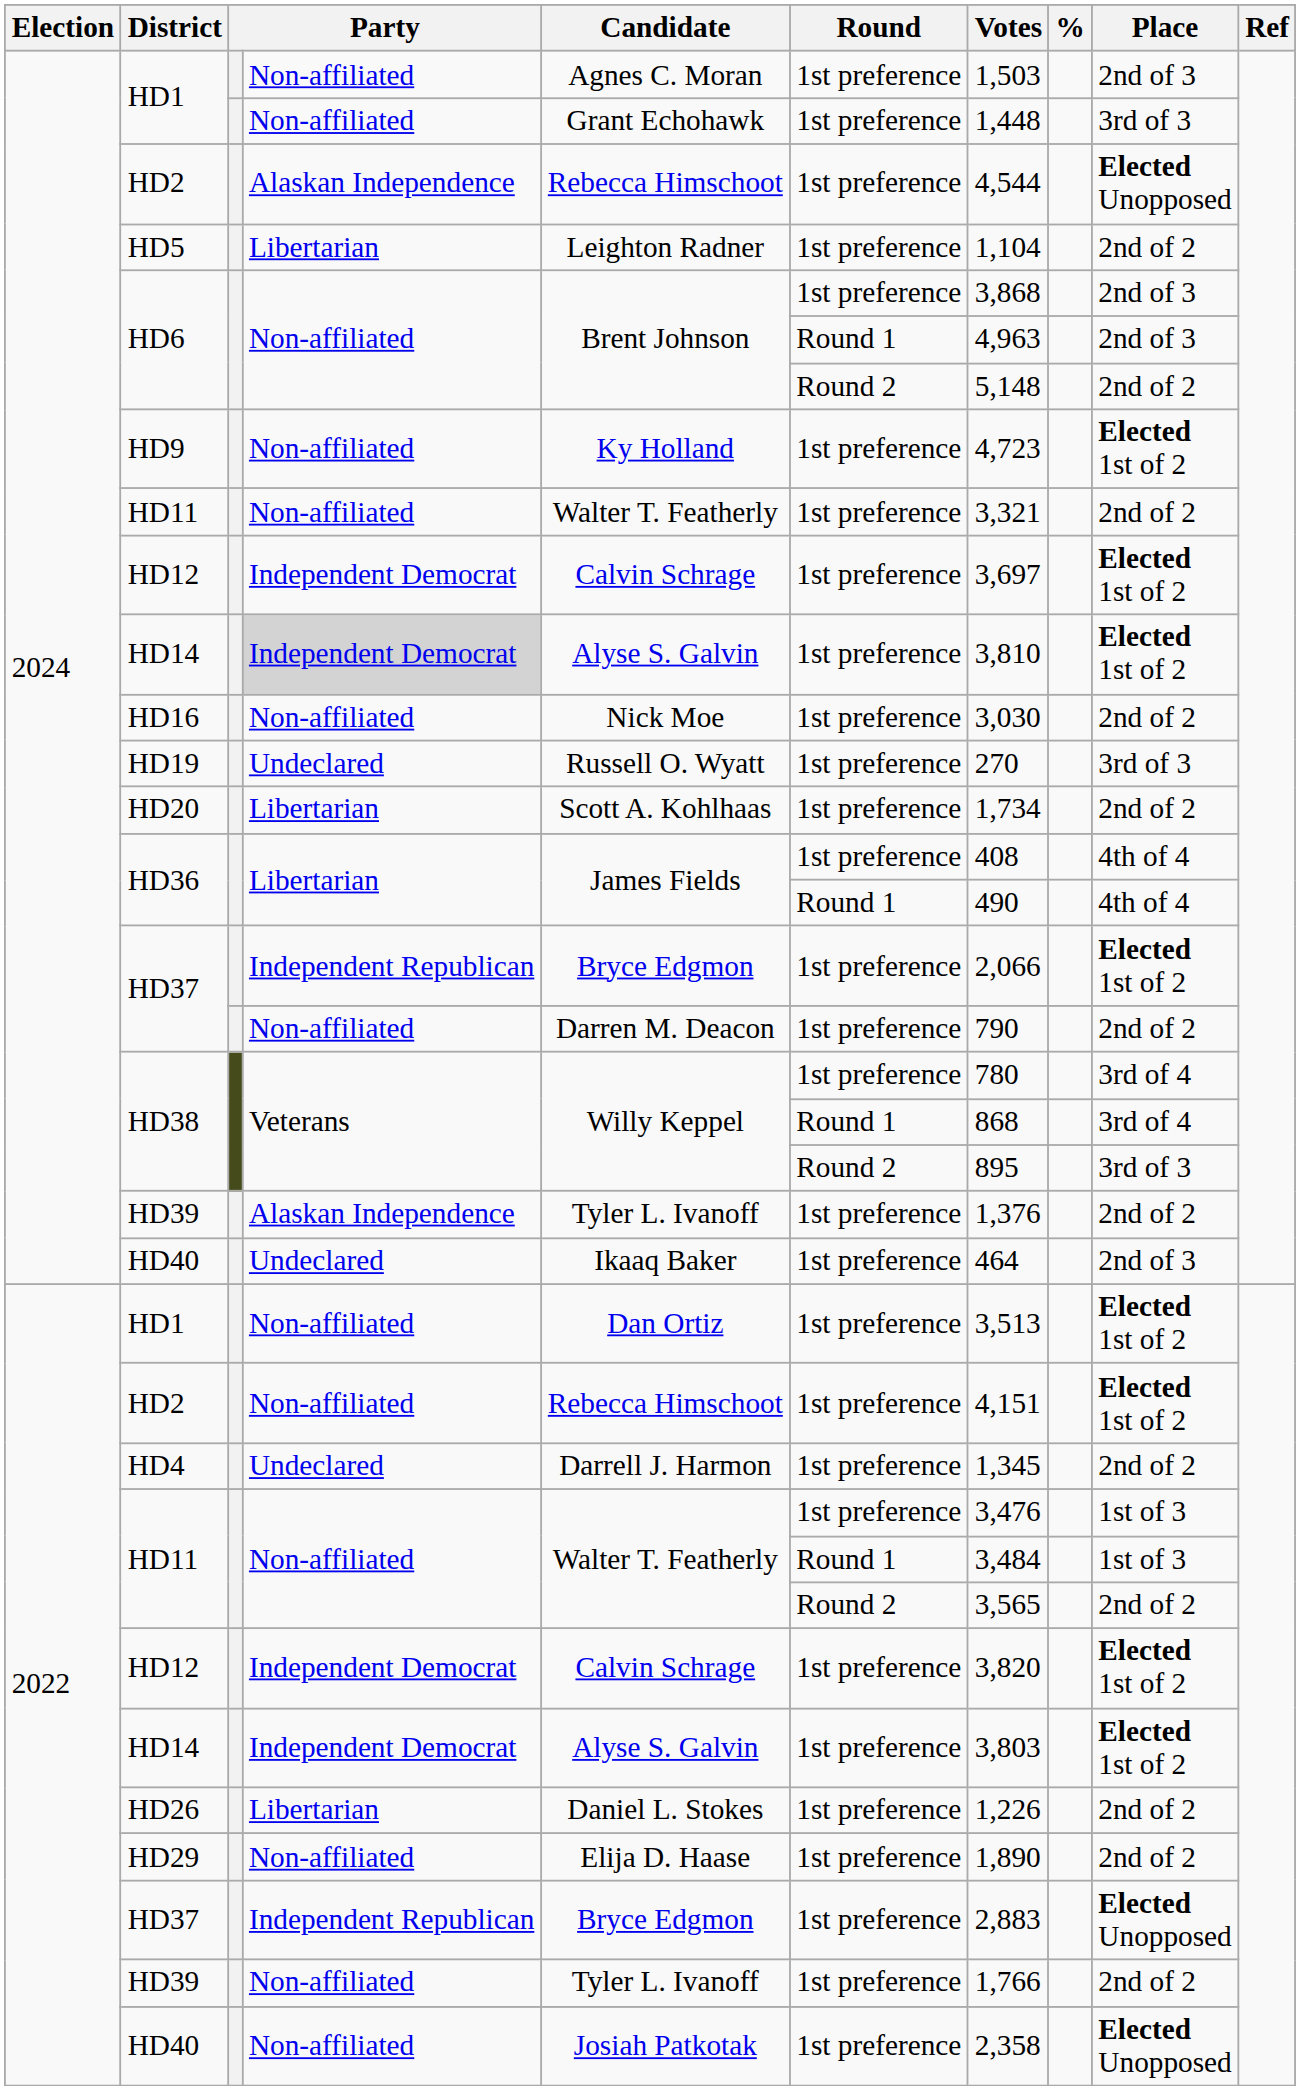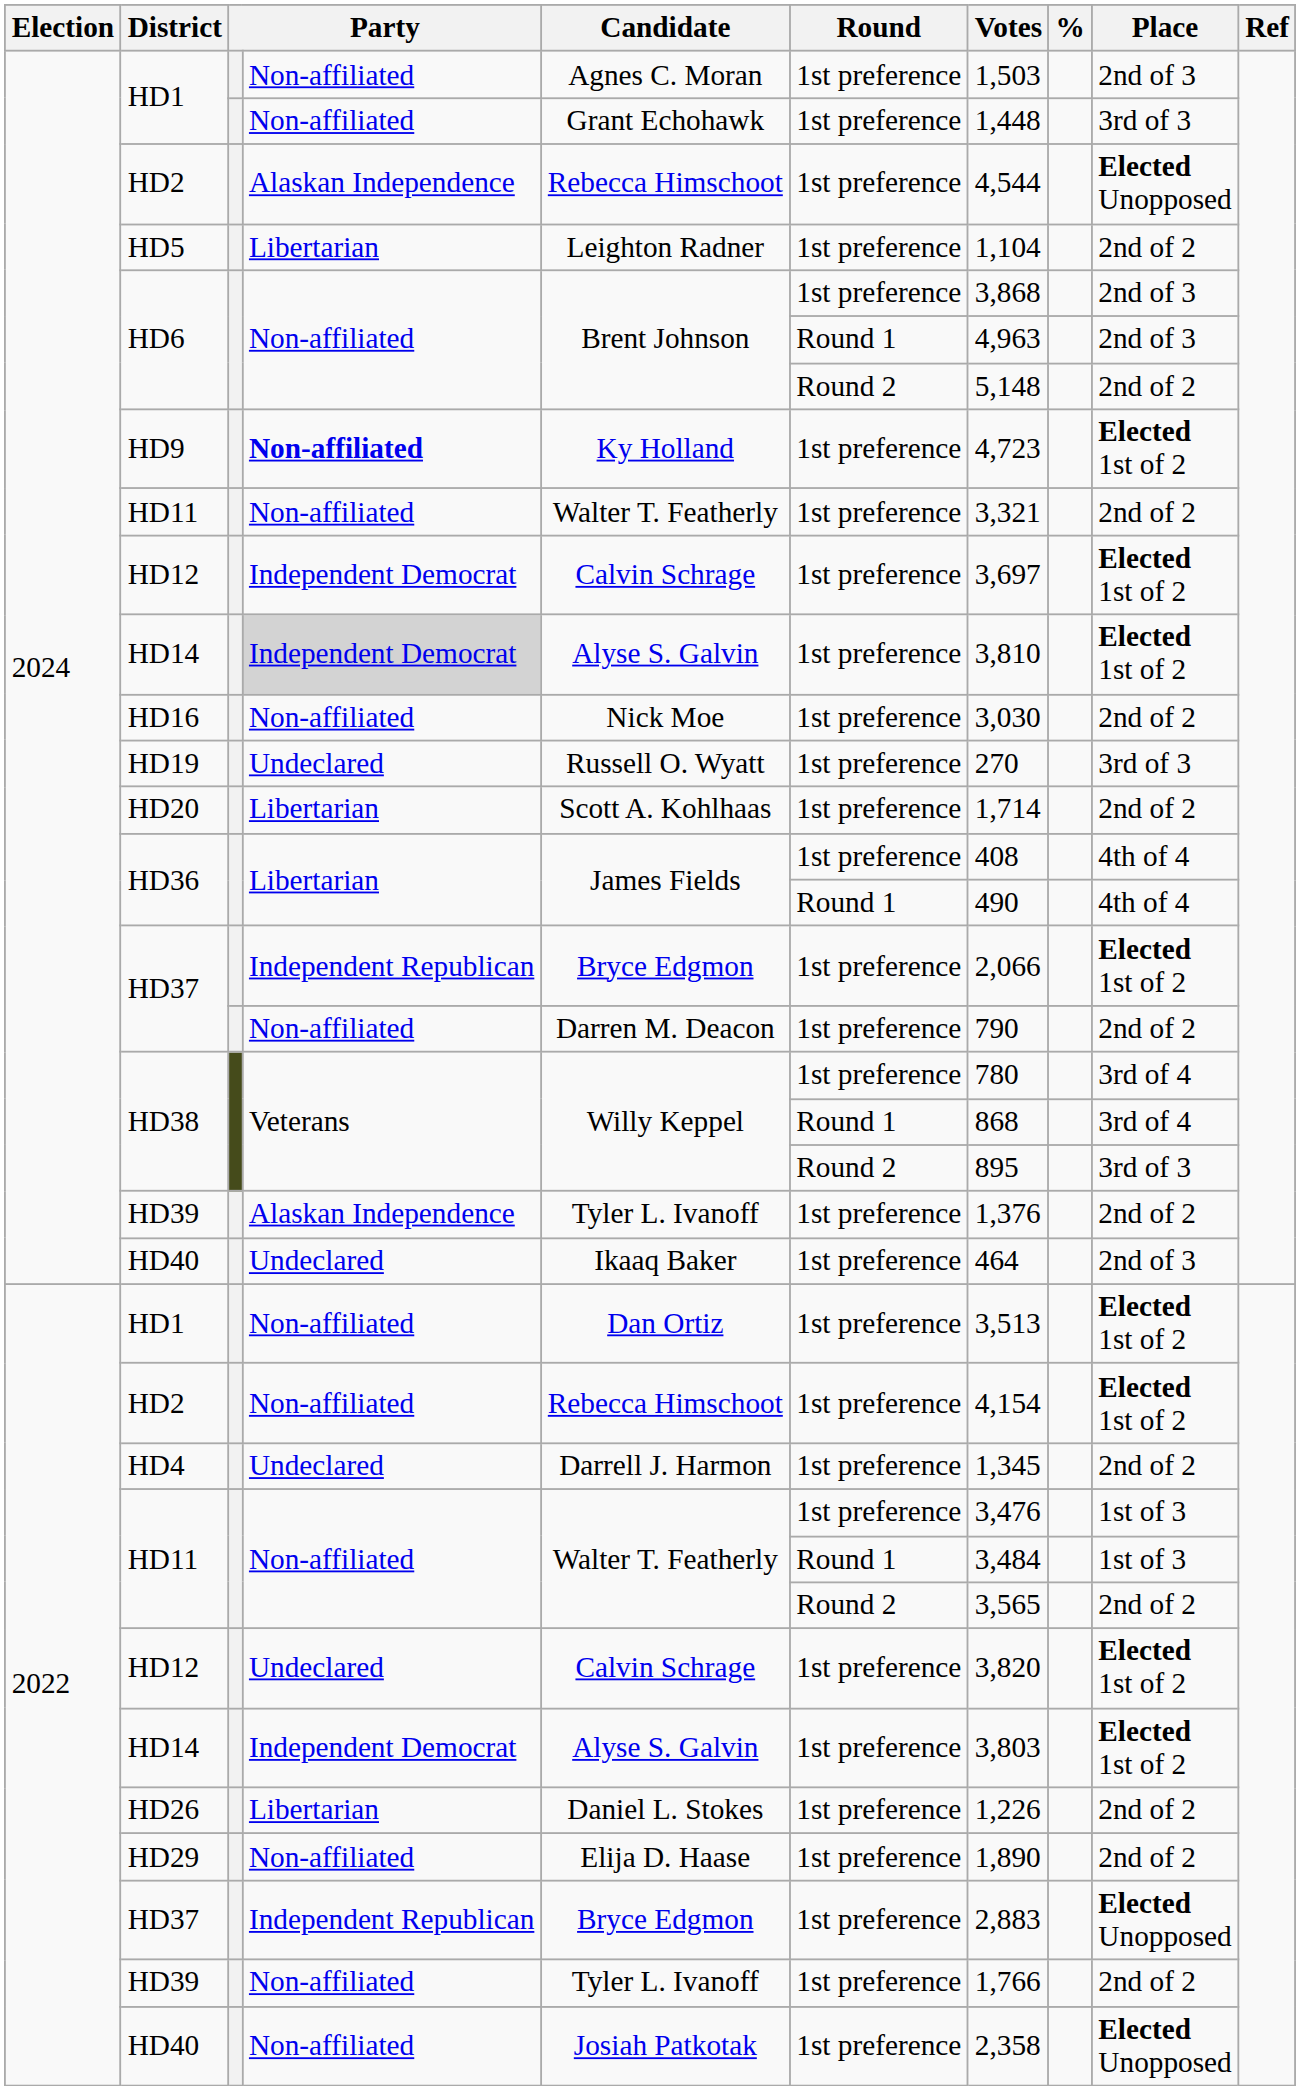 <table class="wikitable sortable">
 <tr>
 <th>Election</th>
 <th>District</th>
 <th colspan=2>Party</th>
 <th>Candidate</th>
 <th>Round</th>
 <th>Votes</th>
 <th>%</th>
 <th>Place</th>
 <th>Ref</th>
 </tr>
 <tr>
 <td rowspan=23>2024</td>
 <td rowspan=2>HD1</td>
 <th style="background-color:"></th>
 <td><a href='#'>Non-affiliated</a></td>
 <td align="center">Agnes C. Moran</td>
 <td>1st preference</td>
 <td>1,503</td>
 <td></td>
 <td>2nd of 3</td>
 <td rowspan=23></td>
 </tr>
 <tr>
 <th style="background-color:"></th>
 <td><a href='#'>Non-affiliated</a></td>
 <td align="center">Grant Echohawk</td>
 <td>1st preference</td>
 <td>1,448</td>
 <td></td>
 <td>3rd of 3</td>
 </tr>
 <tr>
 <td>HD2</td>
 <th style="background-color:"></th>
 <td><a href='#'>Alaskan Independence</a></td>
 <td align="center"><a href='#'>Rebecca Himschoot</a></td>
 <td>1st preference</td>
 <td>4,544</td>
 <td></td>
 <td><strong>Elected</strong><br>Unopposed</td>
 </tr>
 <tr>
 <td>HD5</td>
 <th style="background-color:"></th>
 <td><a href='#'>Libertarian</a></td>
 <td align="center">Leighton Radner</td>
 <td>1st preference</td>
 <td>1,104</td>
 <td></td>
 <td>2nd of 2</td>
 </tr>
 <tr>
 <td rowspan=3>HD6</td>
 <th rowspan=3 style="background-color:"></th>
 <td rowspan=3><a href='#'>Non-affiliated</a></td>
 <td rowspan=3 align="center">Brent Johnson</td>
 <td>1st preference</td>
 <td>3,868</td>
 <td></td>
 <td>2nd of 3</td>
 </tr>
 <tr>
 <td>Round 1</td>
 <td>4,963</td>
 <td></td>
 <td>2nd of 3</td>
 </tr>
 <tr>
 <td>Round 2</td>
 <td>5,148</td>
 <td></td>
 <td>2nd of 2</td>
 </tr>
 <tr>
 <td>HD9</td>
 <th style="background-color:"></th>
-<td><a href='#'>Non-affiliated</a></td>
+<td><strong><a href='#'>Non-affiliated</a></strong></td>
 <td align="center"><a href='#'>Ky Holland</a></td>
 <td>1st preference</td>
 <td>4,723</td>
 <td></td>
 <td><strong>Elected</strong><br>1st of 2</td>
 </tr>
 <tr>
 <td>HD11</td>
 <th style="background-color:"></th>
 <td><a href='#'>Non-affiliated</a></td>
 <td align="center">Walter T. Featherly</td>
 <td>1st preference</td>
 <td>3,321</td>
 <td></td>
 <td>2nd of 2</td>
 </tr>
 <tr>
 <td>HD12</td>
 <th style="background-color:"></th>
 <td><a href='#'>Independent Democrat</a></td>
 <td align="center"><a href='#'>Calvin Schrage</a></td>
 <td>1st preference</td>
 <td>3,697</td>
 <td></td>
 <td><strong>Elected</strong><br>1st of 2</td>
 </tr>
 <tr>
 <td>HD14</td>
 <th style="background-color:"></th>
 <td style="background: lightgrey;"><a href='#'>Independent Democrat</a></td>
 <td align="center"><a href='#'>Alyse S. Galvin</a></td>
 <td>1st preference</td>
 <td>3,810</td>
 <td></td>
 <td><strong>Elected</strong><br>1st of 2</td>
 </tr>
 <tr>
 <td>HD16</td>
 <th style="background-color:"></th>
 <td><a href='#'>Non-affiliated</a></td>
 <td align="center">Nick Moe</td>
 <td>1st preference</td>
 <td>3,030</td>
 <td></td>
 <td>2nd of 2</td>
 </tr>
 <tr>
 <td>HD19</td>
 <th style="background-color:"></th>
 <td><a href='#'>Undeclared</a></td>
 <td align="center">Russell O. Wyatt</td>
 <td>1st preference</td>
 <td>270</td>
 <td></td>
 <td>3rd of 3</td>
 </tr>
 <tr>
 <td>HD20</td>
 <th style="background-color:"></th>
 <td><a href='#'>Libertarian</a></td>
 <td align="center">Scott A. Kohlhaas</td>
 <td>1st preference</td>
-<td>1,734</td>
+<td>1,714</td>
 <td></td>
 <td>2nd of 2</td>
 </tr>
 <tr>
 <td rowspan=2>HD36</td>
 <th rowspan=2 style="background-color:"></th>
 <td rowspan=2><a href='#'>Libertarian</a></td>
 <td rowspan=2 align="center">James Fields</td>
 <td>1st preference</td>
 <td>408</td>
 <td></td>
 <td>4th of 4</td>
 </tr>
 <tr>
 <td>Round 1</td>
 <td>490</td>
 <td></td>
 <td>4th of 4</td>
 </tr>
 <tr>
 <td rowspan=2>HD37</td>
 <th style="background-color:"></th>
 <td><a href='#'>Independent Republican</a></td>
 <td align="center"><a href='#'>Bryce Edgmon</a></td>
 <td>1st preference</td>
 <td>2,066</td>
 <td></td>
 <td><strong>Elected</strong><br>1st of 2</td>
 </tr>
 <tr>
 <th style="background-color:"></th>
 <td><a href='#'>Non-affiliated</a></td>
 <td align="center">Darren M. Deacon</td>
 <td>1st preference</td>
 <td>790</td>
 <td></td>
 <td>2nd of 2</td>
 </tr>
 <tr>
 <td rowspan=3>HD38</td>
 <th rowspan=3 style="background-color:#454B1B"></th>
 <td rowspan=3>Veterans</td>
 <td rowspan=3 align="center">Willy Keppel</td>
 <td>1st preference</td>
 <td>780</td>
 <td></td>
 <td>3rd of 4</td>
 </tr>
 <tr>
 <td>Round 1</td>
 <td>868</td>
 <td></td>
 <td>3rd of 4</td>
 </tr>
 <tr>
 <td>Round 2</td>
 <td>895</td>
 <td></td>
 <td>3rd of 3</td>
 </tr>
 <tr>
 <td>HD39</td>
 <th style="background-color:"></th>
 <td><a href='#'>Alaskan Independence</a></td>
 <td align="center">Tyler L. Ivanoff</td>
 <td>1st preference</td>
 <td>1,376</td>
 <td></td>
 <td>2nd of 2</td>
 </tr>
 <tr>
 <td>HD40</td>
 <th style="background-color:"></th>
 <td><a href='#'>Undeclared</a></td>
 <td align="center">Ikaaq Baker</td>
 <td>1st preference</td>
 <td>464</td>
 <td></td>
 <td>2nd of 3</td>
 </tr>
 <tr>
 <td rowspan=13>2022</td>
 <td>HD1</td>
 <th style="background-color:"></th>
 <td><a href='#'>Non-affiliated</a></td>
 <td align="center"><a href='#'>Dan Ortiz</a></td>
 <td>1st preference</td>
 <td>3,513</td>
 <td></td>
 <td><strong>Elected</strong><br>1st of 2</td>
 <td rowspan=13></td>
 </tr>
 <tr>
 <td>HD2</td>
 <th style="background-color:"></th>
 <td><a href='#'>Non-affiliated</a></td>
 <td align="center"><a href='#'>Rebecca Himschoot</a></td>
 <td>1st preference</td>
-<td>4,151</td>
+<td>4,154</td>
 <td></td>
 <td><strong>Elected</strong><br>1st of 2</td>
 </tr>
 <tr>
 <td>HD4</td>
 <th style="background-color:"></th>
 <td><a href='#'>Undeclared</a></td>
 <td align="center">Darrell J. Harmon</td>
 <td>1st preference</td>
 <td>1,345</td>
 <td></td>
 <td>2nd of 2</td>
 </tr>
 <tr>
 <td rowspan=3>HD11</td>
 <th rowspan=3 style="background-color:"></th>
 <td rowspan=3><a href='#'>Non-affiliated</a></td>
 <td rowspan=3 align="center">Walter T. Featherly</td>
 <td>1st preference</td>
 <td>3,476</td>
 <td></td>
 <td>1st of 3</td>
 </tr>
 <tr>
 <td>Round 1</td>
 <td>3,484</td>
 <td></td>
 <td>1st of 3</td>
 </tr>
 <tr>
 <td>Round 2</td>
 <td>3,565</td>
 <td></td>
 <td>2nd of 2</td>
 </tr>
 <tr>
 <td>HD12</td>
 <th style="background-color:"></th>
-<td><a href='#'>Independent Democrat</a></td>
+<td><a href='#'>Undeclared</a></td>
 <td align="center"><a href='#'>Calvin Schrage</a></td>
 <td>1st preference</td>
 <td>3,820</td>
 <td></td>
 <td><strong>Elected</strong><br>1st of 2</td>
 </tr>
 <tr>
 <td>HD14</td>
 <th style="background-color:"></th>
 <td><a href='#'>Independent Democrat</a></td>
 <td align="center"><a href='#'>Alyse S. Galvin</a></td>
 <td>1st preference</td>
 <td>3,803</td>
 <td></td>
 <td><strong>Elected</strong><br>1st of 2</td>
 </tr>
 <tr>
 <td>HD26</td>
 <th style="background-color:"></th>
 <td><a href='#'>Libertarian</a></td>
 <td align="center">Daniel L. Stokes</td>
 <td>1st preference</td>
 <td>1,226</td>
 <td></td>
 <td>2nd of 2</td>
 </tr>
 <tr>
 <td>HD29</td>
 <th style="background-color:"></th>
 <td><a href='#'>Non-affiliated</a></td>
 <td align="center">Elija D. Haase</td>
 <td>1st preference</td>
 <td>1,890</td>
 <td></td>
 <td>2nd of 2</td>
 </tr>
 <tr>
 <td>HD37</td>
 <th style="background-color:"></th>
 <td><a href='#'>Independent Republican</a></td>
 <td align="center"><a href='#'>Bryce Edgmon</a></td>
 <td>1st preference</td>
 <td>2,883</td>
 <td></td>
 <td><strong>Elected</strong><br>Unopposed</td>
 </tr>
 <tr>
 <td>HD39</td>
 <th style="background-color:"></th>
 <td><a href='#'>Non-affiliated</a></td>
 <td align="center">Tyler L. Ivanoff</td>
 <td>1st preference</td>
 <td>1,766</td>
 <td></td>
 <td>2nd of 2</td>
 </tr>
 <tr>
 <td>HD40</td>
 <th style="background-color:"></th>
 <td><a href='#'>Non-affiliated</a></td>
 <td align="center"><a href='#'>Josiah Patkotak</a></td>
 <td>1st preference</td>
 <td>2,358</td>
 <td></td>
 <td><strong>Elected</strong><br>Unopposed</td>
 </tr>
 </table>
